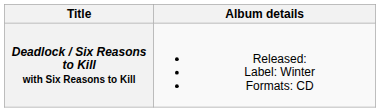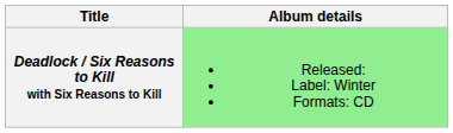 <table class="wikitable plainrowheaders" style="text-align:center;">
 <tr>
 <th scope="col" style="width:12em;">Title</th>
 <th scope="col" style="width:18em;">Album details</th>
 </tr>
 <tr>
 <th scope="row"><em>Deadlock / Six Reasons to Kill</em><br><small>with Six Reasons to Kill</small></th>
-<td><br><ul><li>Released: </li><li>Label: Winter</li><li>Formats: CD</li></ul></td>
+<td style="background: lightgreen;"><br><ul><li>Released: </li><li>Label: Winter</li><li>Formats: CD</li></ul></td>
 </tr>
 </table>
